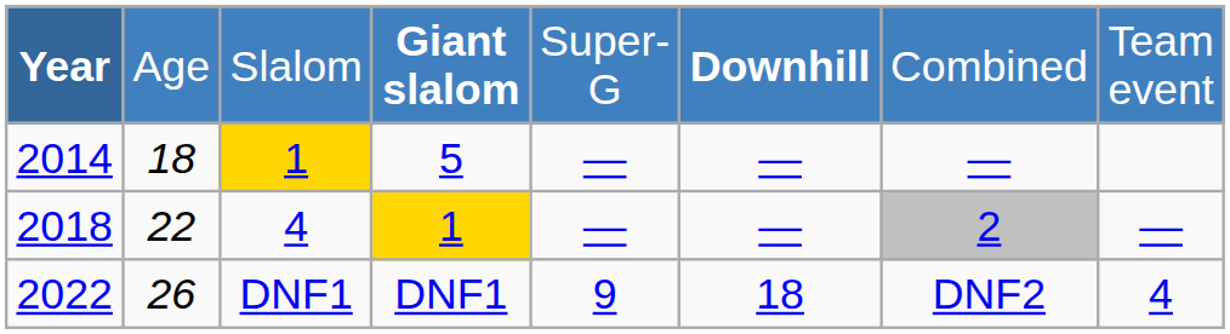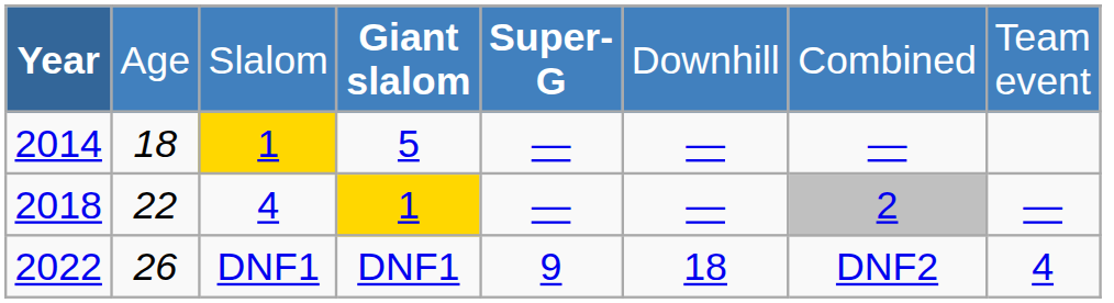 <table class="wikitable"  style="font-size:95%; text-align:center; border:gray solid 1px; width:40%;">
 <tr style="background:#369; color:white;">
 <td rowspan="2" style="width:4%;"><strong>Year</strong></td>
 </tr>
 <tr style="background:#4180be; color:white;">
 <td style="width:3%;">Age</td>
 <td style="width:5%;">Slalom</td>
 <td style="width:5%;"><strong>Giant<br>slalom</strong></td>
-<td style="width:5%;">Super-G</td>
-<td style="width:5%;"><strong>Downhill</strong></td>
+<td style="width:5%;"><strong>Super-G</strong></td>
+<td style="width:5%;">Downhill</td>
 <td style="width:5%;">Combined</td>
 <td style="width:5%">Team event</td>
 </tr>
 <tr>
 <td><a href='#'>2014</a></td>
 <td><em>18</em></td>
 <td style="background:gold;"><a href='#'>1</a></td>
 <td><a href='#'>5</a></td>
 <td><a href='#'>—</a></td>
 <td><a href='#'>—</a></td>
 <td><a href='#'>—</a></td>
 <td></td>
 </tr>
 <tr>
 <td><a href='#'>2018</a></td>
 <td><em>22</em></td>
 <td><a href='#'>4</a></td>
 <td style="background:gold;"><a href='#'>1</a></td>
 <td><a href='#'>—</a></td>
 <td><a href='#'>—</a></td>
 <td style="background:silver;"><a href='#'>2</a></td>
 <td><a href='#'>—</a></td>
 </tr>
 <tr>
 <td><a href='#'>2022</a></td>
 <td><em>26</em></td>
 <td><a href='#'>DNF1</a></td>
 <td><a href='#'>DNF1</a></td>
 <td><a href='#'>9</a></td>
 <td><a href='#'>18</a></td>
 <td><a href='#'>DNF2</a></td>
 <td><a href='#'>4</a></td>
 </tr>
 </table>
